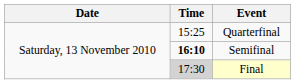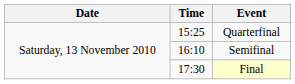 <table class = "wikitable" style="text-align:center;">
 <tr>
 <th width=220>Date</th>
 <th width=50>Time</th>
 <th width=100>Event</th>
 </tr>
 <tr>
 <td rowspan=3>Saturday, 13 November 2010</td>
 <td>15:25</td>
 <td>Quarterfinal</td>
 </tr>
 <tr>
-<td><strong>16:10</strong></td>
+<td>16:10</td>
 <td>Semifinal</td>
 </tr>
 <tr>
-<td style="background: lightgrey;">17:30</td>
+<td>17:30</td>
 <td bgcolor=ffffcc>Final</td>
 </tr>
 </table>
